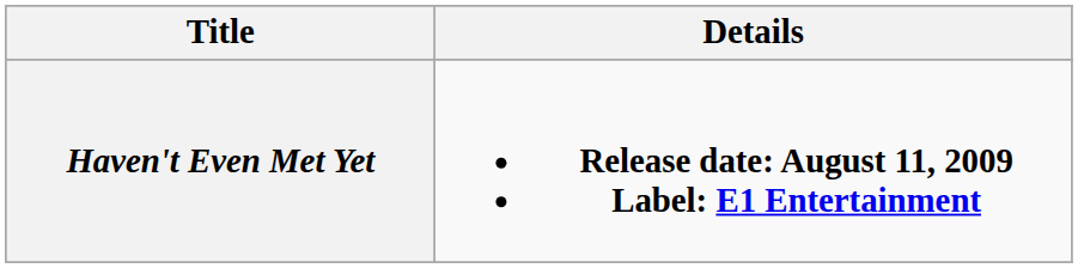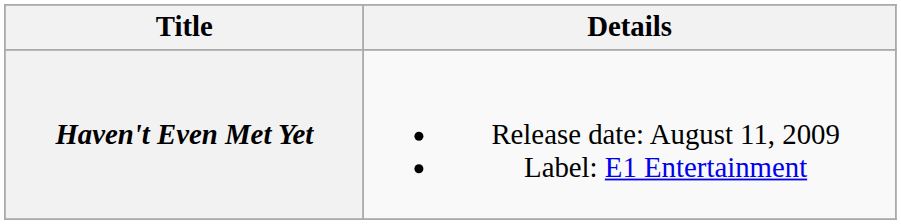 <table class="wikitable plainrowheaders" style="text-align:center;">
 <tr>
 <th style="width:12em;">Title</th>
 <th style="width:18em;">Details</th>
 </tr>
 <tr>
 <th scope="row"><em>Haven't Even Met Yet</em></th>
-<td><strong><br><ul><li>Release date: August 11, 2009</li><li>Label: <a href='#'>E1 Entertainment</a></li></ul></strong></td>
+<td><br><ul><li>Release date: August 11, 2009</li><li>Label: <a href='#'>E1 Entertainment</a></li></ul></td>
 </tr>
 </table>
